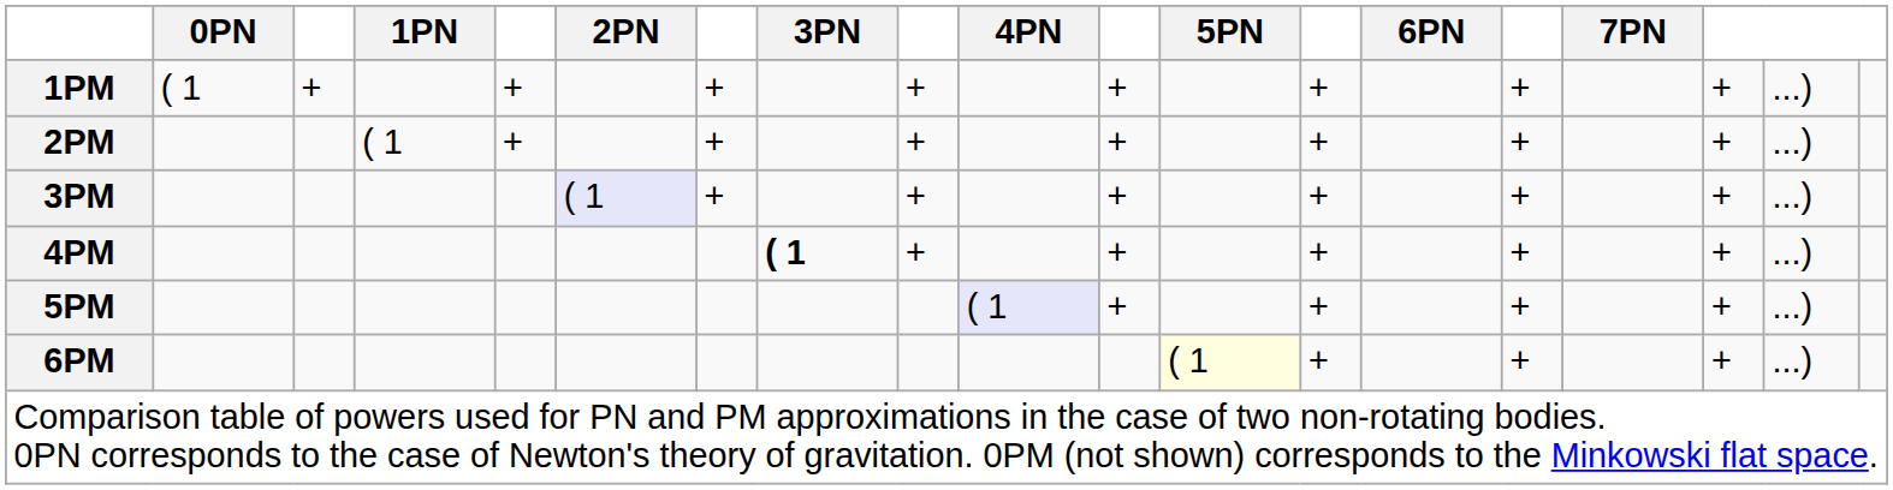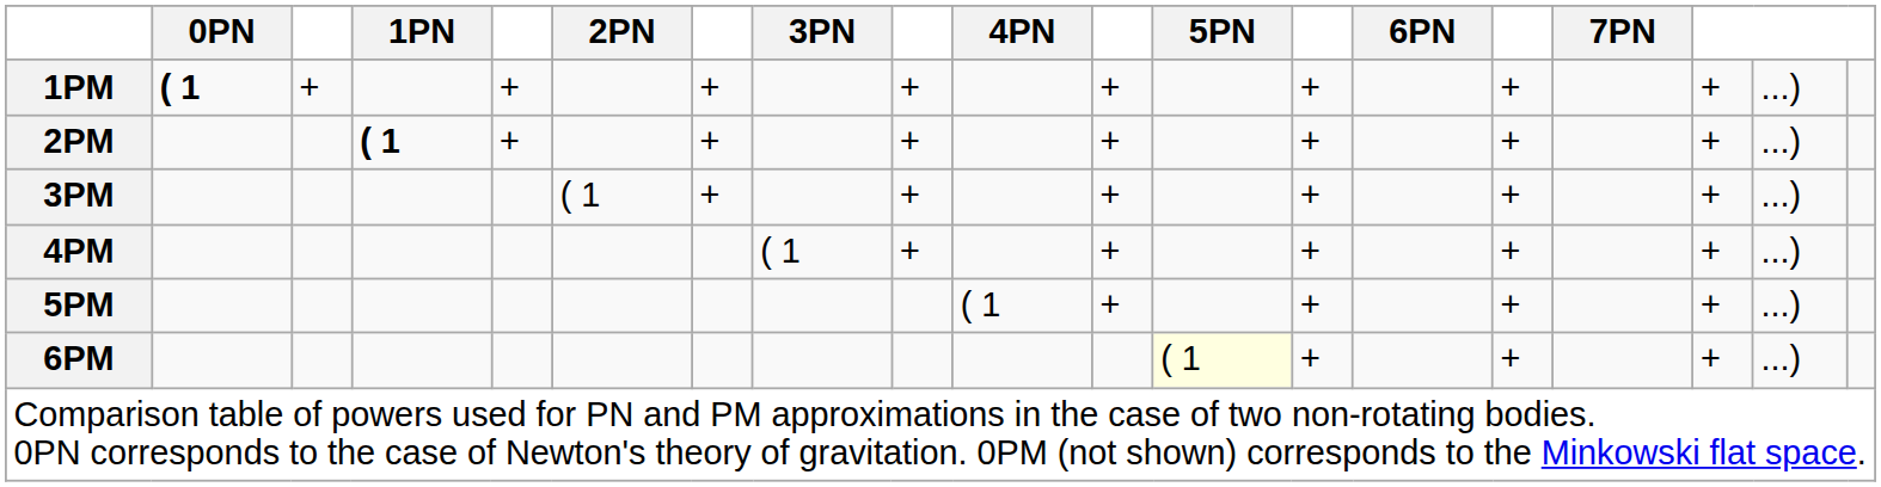 <table class="wikitable">
 <tr>
 <td style="background-color:white;"></td>
 <th>0PN</th>
 <td style="background-color:white;"></td>
 <th>1PN</th>
 <td style="background-color:white;"></td>
 <th>2PN</th>
 <td style="background-color:white;"></td>
 <th>3PN</th>
 <td style="background-color:white;"></td>
 <th>4PN</th>
 <td style="background-color:white;"></td>
 <th>5PN</th>
 <td style="background-color:white;"></td>
 <th>6PN</th>
 <td style="background-color:white;"></td>
 <th>7PN</th>
 <td colspan="3" style="background-color:white;"></td>
 </tr>
 <tr>
 <th>1PM</th>
-<td>( 1</td>
+<td><strong>( 1</strong></td>
 <td>+</td>
 <td></td>
 <td>+</td>
 <td></td>
 <td>+</td>
 <td></td>
 <td>+</td>
 <td></td>
 <td>+</td>
 <td></td>
 <td>+</td>
 <td></td>
 <td>+</td>
 <td></td>
 <td>+</td>
 <td>...)</td>
 <td></td>
 </tr>
 <tr>
 <th>2PM</th>
 <td></td>
 <td></td>
-<td>( 1</td>
+<td><strong>( 1</strong></td>
 <td>+</td>
 <td></td>
 <td>+</td>
 <td></td>
 <td>+</td>
 <td></td>
 <td>+</td>
 <td></td>
 <td>+</td>
 <td></td>
 <td>+</td>
 <td></td>
 <td>+</td>
 <td>...)</td>
 <td></td>
 </tr>
 <tr>
 <th>3PM</th>
 <td></td>
 <td></td>
 <td></td>
 <td></td>
-<td style="background: lavender;">( 1</td>
+<td>( 1</td>
 <td>+</td>
 <td></td>
 <td>+</td>
 <td></td>
 <td>+</td>
 <td></td>
 <td>+</td>
 <td></td>
 <td>+</td>
 <td></td>
 <td>+</td>
 <td>...)</td>
 <td></td>
 </tr>
 <tr>
 <th>4PM</th>
 <td></td>
 <td></td>
 <td></td>
 <td></td>
 <td></td>
 <td></td>
-<td><strong>( 1</strong></td>
+<td>( 1</td>
 <td>+</td>
 <td></td>
 <td>+</td>
 <td></td>
 <td>+</td>
 <td></td>
 <td>+</td>
 <td></td>
 <td>+</td>
 <td>...)</td>
 <td></td>
 </tr>
 <tr>
 <th>5PM</th>
 <td></td>
 <td></td>
 <td></td>
 <td></td>
 <td></td>
 <td></td>
 <td></td>
 <td></td>
-<td style="background: lavender;">( 1</td>
+<td>( 1</td>
 <td>+</td>
 <td></td>
 <td>+</td>
 <td></td>
 <td>+</td>
 <td></td>
 <td>+</td>
 <td>...)</td>
 <td></td>
 </tr>
 <tr>
 <th>6PM</th>
 <td></td>
 <td></td>
 <td></td>
 <td></td>
 <td></td>
 <td></td>
 <td></td>
 <td></td>
 <td></td>
 <td></td>
 <td style="background: lightyellow;">( 1</td>
 <td>+</td>
 <td></td>
 <td>+</td>
 <td></td>
 <td>+</td>
 <td>...)</td>
 <td></td>
 </tr>
 <tr>
 <td colspan="19" style="background-color:white;">Comparison table of powers used for PN and PM approximations in the case of two non-rotating bodies.<br>0PN corresponds to the case of Newton's theory of gravitation. 0PM (not shown) corresponds to the <a href='#'>Minkowski flat space</a>.</td>
 </tr>
 </table>
